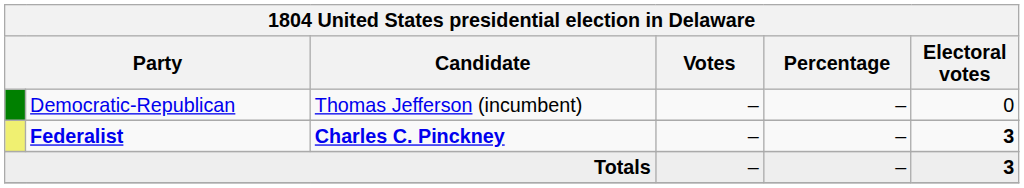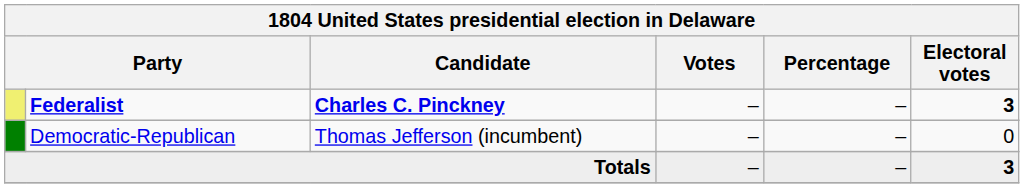 <table class="wikitable" style="font-size: 95%;">
 <tr>
 <th colspan="6">1804 United States presidential election in Delaware</th>
 </tr>
 <tr>
 <th colspan="2" style="width: 15em">Party</th>
 <th style="width: 17em">Candidate</th>
 <th style="width: 5em">Votes</th>
 <th style="width: 7em">Percentage</th>
 <th style="width: 5em">Electoral votes</th>
 </tr>
 <tr>
+<th style="background-color:#F0F071; width: 3px"></th>
+<td style="width: 130px"><strong><a href='#'>Federalist</a></strong></td>
+<td><strong><a href='#'>Charles C. Pinckney</a></strong></td>
+<td align="right">–</td>
+<td align="right">–</td>
+<td align="right"><strong>3</strong></td>
+</tr>
+<tr>
+</tr>
+<tr>
 <th style="background-color:#008000; width: 3px"></th>
 <td style="width: 130px"><a href='#'>Democratic-Republican</a></td>
 <td><a href='#'>Thomas Jefferson</a> (incumbent)</td>
 <td align="right">–</td>
 <td align="right">–</td>
 <td align="right">0</td>
-</tr>
-<tr>
-</tr>
-<tr>
-<th style="background-color:#F0F071; width: 3px"></th>
-<td style="width: 130px"><strong><a href='#'>Federalist</a></strong></td>
-<td><strong><a href='#'>Charles C. Pinckney</a></strong></td>
-<td align="right">–</td>
-<td align="right">–</td>
-<td align="right"><strong>3</strong></td>
 </tr>
 <tr>
 </tr>
 <tr>
 </tr>
 <tr bgcolor="#EEEEEE">
 <td colspan="3" align="right"><strong>Totals</strong></td>
 <td align="right">–</td>
 <td align="right">–</td>
 <td align="right"><strong>3</strong></td>
 </tr>
 <tr>
 </tr>
 </table>
